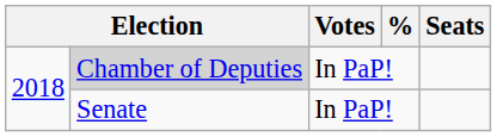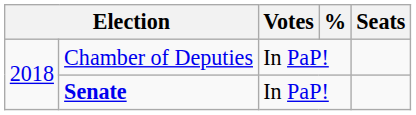 <table class="wikitable">
 <tr>
 <th colspan="2">Election</th>
 <th>Votes</th>
 <th>%</th>
 <th>Seats</th>
 </tr>
 <tr>
 <td rowspan="2"><a href='#'>2018</a></td>
-<td style="background: lightgrey;"><a href='#'>Chamber of Deputies</a></td>
+<td><a href='#'>Chamber of Deputies</a></td>
 <td colspan="2">In <a href='#'>PaP!</a></td>
 <td></td>
 </tr>
 <tr>
-<td><a href='#'>Senate</a></td>
+<td><strong><a href='#'>Senate</a></strong></td>
 <td colspan="2">In <a href='#'>PaP!</a></td>
 <td></td>
 </tr>
 </table>
